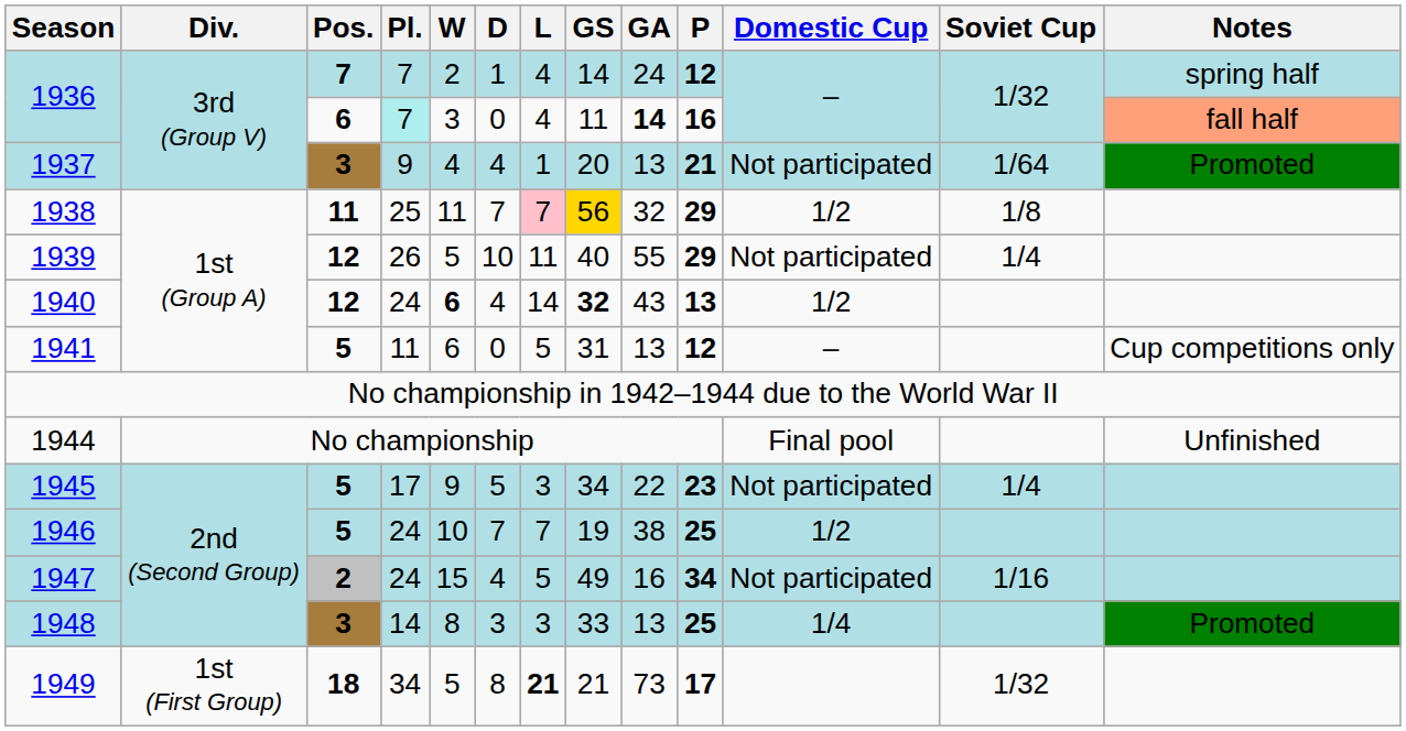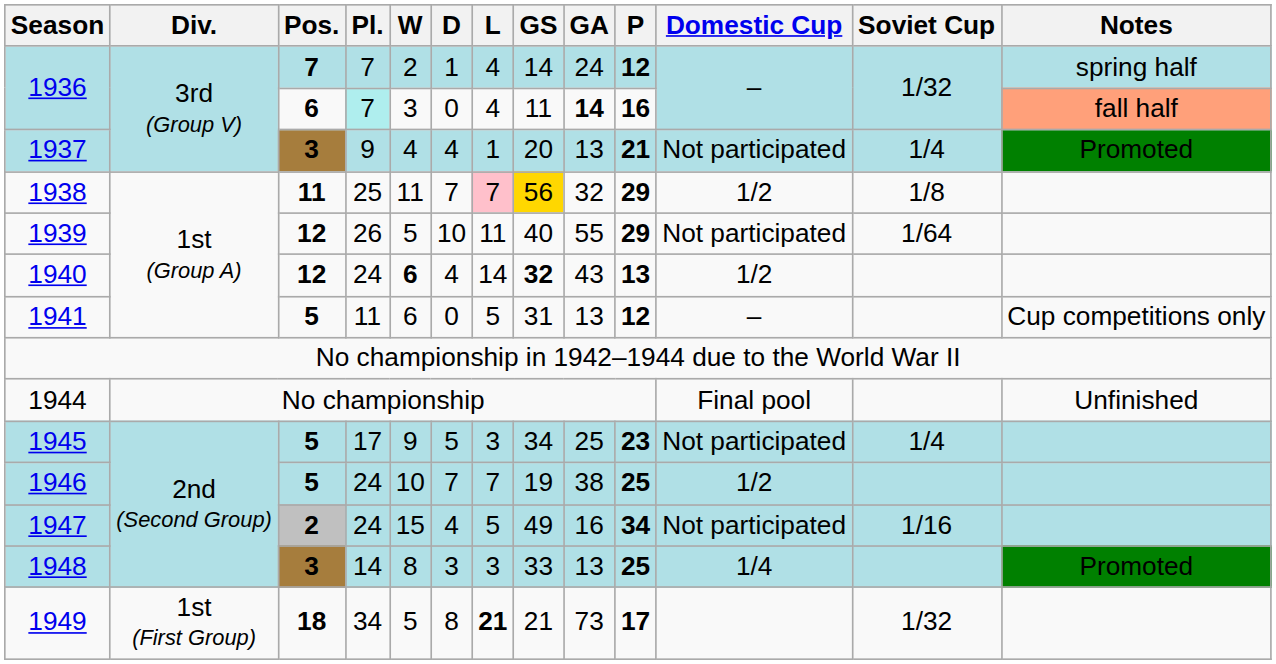 <table class="wikitable" style="text-align:center;">
 <tr style="background:#efefef;">
 <th>Season</th>
 <th>Div.</th>
 <th>Pos.</th>
 <th>Pl.</th>
 <th>W</th>
 <th>D</th>
 <th>L</th>
 <th>GS</th>
 <th>GA</th>
 <th>P</th>
 <th><a href='#'>Domestic Cup</a></th>
 <th>Soviet Cup</th>
 <th>Notes</th>
 </tr>
 <tr bgcolor=PowderBlue>
 <td style="text-align:center;" rowspan="2"><a href='#'>1936</a></td>
 <td style="text-align:center;" rowspan="3">3rd<br><small><em>(Group V)</em></small></td>
 <td style="text-align:center;"><strong>7</strong></td>
 <td style="text-align:center;">7</td>
 <td style="text-align:center;">2</td>
 <td style="text-align:center;">1</td>
 <td style="text-align:center;">4</td>
 <td style="text-align:center;">14</td>
 <td style="text-align:center;">24</td>
 <td style="text-align:center;"><strong>12</strong></td>
 <td style="text-align:center;" rowspan="2">–</td>
 <td style="text-align:center;" rowspan="2">1/32</td>
 <td style="text-align:center;">spring half</td>
 </tr>
 <tr style="text-align:center;">
 <td><strong>6</strong></td>
 <td style="background: paleturquoise;">7</td>
 <td>3</td>
 <td>0</td>
 <td>4</td>
 <td>11</td>
 <td><strong>14</strong></td>
 <td><strong>16</strong></td>
 <td style="background: lightsalmon;">fall half</td>
 </tr>
 <tr bgcolor=PowderBlue>
 <td style="text-align:center;"><a href='#'>1937</a></td>
 <td style="text-align:center; background:#a67d3d;"><strong>3</strong></td>
 <td style="text-align:center;">9</td>
 <td style="text-align:center;">4</td>
 <td style="text-align:center;">4</td>
 <td style="text-align:center;">1</td>
 <td style="text-align:center;">20</td>
 <td style="text-align:center;">13</td>
 <td style="text-align:center;"><strong>21</strong></td>
 <td style="text-align:center;">Not participated</td>
-<td style="text-align:center;">1/64</td>
+<td style="text-align:center;">1/4</td>
 <td style="text-align:center; background:green;">Promoted</td>
 </tr>
 <tr>
 <td style="text-align:center;"><a href='#'>1938</a></td>
 <td style="text-align:center;" rowspan=4>1st<br><small><em>(Group A)</em></small></td>
 <td style="text-align:center;"><strong>11</strong></td>
 <td style="text-align:center;">25</td>
 <td style="text-align:center;">11</td>
 <td style="text-align:center;">7</td>
 <td style="background: pink; text-align:center;">7</td>
 <td style="background: gold; text-align:center;">56</td>
 <td style="text-align:center;">32</td>
 <td style="text-align:center;"><strong>29</strong></td>
 <td style="text-align:center;">1/2</td>
 <td style="text-align:center;">1/8</td>
 <td style="text-align:center;"></td>
 </tr>
 <tr>
 <td style="text-align:center;"><a href='#'>1939</a></td>
 <td style="text-align:center;"><strong>12</strong></td>
 <td style="text-align:center;">26</td>
 <td style="text-align:center;">5</td>
 <td style="text-align:center;">10</td>
 <td style="text-align:center;">11</td>
 <td style="text-align:center;">40</td>
 <td style="text-align:center;">55</td>
 <td style="text-align:center;"><strong>29</strong></td>
 <td style="text-align:center;">Not participated</td>
-<td style="text-align:center;">1/4</td>
+<td style="text-align:center;">1/64</td>
 <td style="text-align:center;"></td>
 </tr>
 <tr>
 <td style="text-align:center;"><a href='#'>1940</a></td>
 <td style="text-align:center;"><strong>12</strong></td>
 <td style="text-align:center;">24</td>
 <td style="text-align:center;"><strong>6</strong></td>
 <td style="text-align:center;">4</td>
 <td style="text-align:center;">14</td>
 <td style="text-align:center;"><strong>32</strong></td>
 <td style="text-align:center;">43</td>
 <td style="text-align:center;"><strong>13</strong></td>
 <td style="text-align:center;">1/2</td>
 <td style="text-align:center;"></td>
 <td style="text-align:center;"></td>
 </tr>
 <tr>
 <td style="text-align:center;"><a href='#'>1941</a></td>
 <td style="text-align:center;"><strong>5</strong></td>
 <td style="text-align:center;">11</td>
 <td style="text-align:center;">6</td>
 <td style="text-align:center;">0</td>
 <td style="text-align:center;">5</td>
 <td style="text-align:center;">31</td>
 <td style="text-align:center;">13</td>
 <td style="text-align:center;"><strong>12</strong></td>
 <td style="text-align:center;">–</td>
 <td style="text-align:center;"></td>
 <td>Cup competitions only</td>
 </tr>
 <tr>
 <td style="text-align:center;" colspan=13>No championship in 1942–1944 due to the World War II</td>
 </tr>
 <tr style="text-align:center;">
 <td>1944</td>
 <td colspan="9">No championship</td>
 <td style=>Final pool</td>
 <td style="text-align:center;"></td>
 <td style="text-align:center;">Unfinished</td>
 </tr>
 <tr bgcolor=PowderBlue>
 <td style="text-align:center;"><a href='#'>1945</a></td>
 <td style="text-align:center;" rowspan=4>2nd<br><small><em>(Second Group)</em></small></td>
 <td style="text-align:center;"><strong>5</strong></td>
 <td style="text-align:center;">17</td>
 <td style="text-align:center;">9</td>
 <td style="text-align:center;">5</td>
 <td style="text-align:center;">3</td>
 <td style="text-align:center;">34</td>
-<td style="text-align:center;">22</td>
+<td style="text-align:center;">25</td>
 <td style="text-align:center;"><strong>23</strong></td>
 <td style="text-align:center;">Not participated</td>
 <td style="text-align:center;">1/4</td>
 <td style="text-align:center;"></td>
 </tr>
 <tr bgcolor=PowderBlue>
 <td style="text-align:center;"><a href='#'>1946</a></td>
 <td style="text-align:center;"><strong>5</strong></td>
 <td style="text-align:center;">24</td>
 <td style="text-align:center;">10</td>
 <td style="text-align:center;">7</td>
 <td style="text-align:center;">7</td>
 <td style="text-align:center;">19</td>
 <td style="text-align:center;">38</td>
 <td style="text-align:center;"><strong>25</strong></td>
 <td style="text-align:center;">1/2</td>
 <td style="text-align:center;"></td>
 <td style="text-align:center;"></td>
 </tr>
 <tr bgcolor=PowderBlue>
 <td style="text-align:center;"><a href='#'>1947</a></td>
 <td style="text-align:center; background:silver;"><strong>2</strong></td>
 <td style="text-align:center;">24</td>
 <td style="text-align:center;">15</td>
 <td style="text-align:center;">4</td>
 <td style="text-align:center;">5</td>
 <td style="text-align:center;">49</td>
 <td style="text-align:center;">16</td>
 <td style="text-align:center;"><strong>34</strong></td>
 <td style="text-align:center;">Not participated</td>
 <td style="text-align:center;">1/16</td>
 <td style="text-align:center;"></td>
 </tr>
 <tr bgcolor=PowderBlue>
 <td style="text-align:center;"><a href='#'>1948</a></td>
 <td style="text-align:center; background:#a67d3d;"><strong>3</strong></td>
 <td style="text-align:center;">14</td>
 <td style="text-align:center;">8</td>
 <td style="text-align:center;">3</td>
 <td style="text-align:center;">3</td>
 <td style="text-align:center;">33</td>
 <td style="text-align:center;">13</td>
 <td style="text-align:center;"><strong>25</strong></td>
 <td style="text-align:center;">1/4</td>
 <td style="text-align:center;"></td>
 <td style="text-align:center; background:green;">Promoted</td>
 </tr>
 <tr>
 <td style="text-align:center;"><a href='#'>1949</a></td>
 <td style="text-align:center;">1st<br><small><em>(First Group)</em></small></td>
 <td style="text-align:center;"><strong>18</strong></td>
 <td style="text-align:center;">34</td>
 <td style="text-align:center;">5</td>
 <td style="text-align:center;">8</td>
 <td style="text-align:center;"><strong>21</strong></td>
 <td style="text-align:center;">21</td>
 <td style="text-align:center;">73</td>
 <td style="text-align:center;"><strong>17</strong></td>
 <td style="text-align:center;"></td>
 <td style="text-align:center;">1/32</td>
 <td style="text-align:center;"></td>
 </tr>
 </table>
